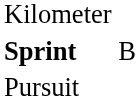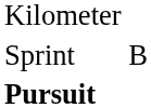 <table>
 <tr>
 <td>Kilometer</td>
 <td rowspan=3>B</td>
 <td></td>
 <td></td>
 <td></td>
 </tr>
 <tr>
-<td><strong>Sprint</strong></td>
+<td>Sprint</td>
 <td></td>
 <td></td>
 <td></td>
 </tr>
 <tr>
-<td>Pursuit</td>
+<td><strong>Pursuit</strong></td>
 <td></td>
 <td></td>
 <td></td>
 </tr>
 </table>
